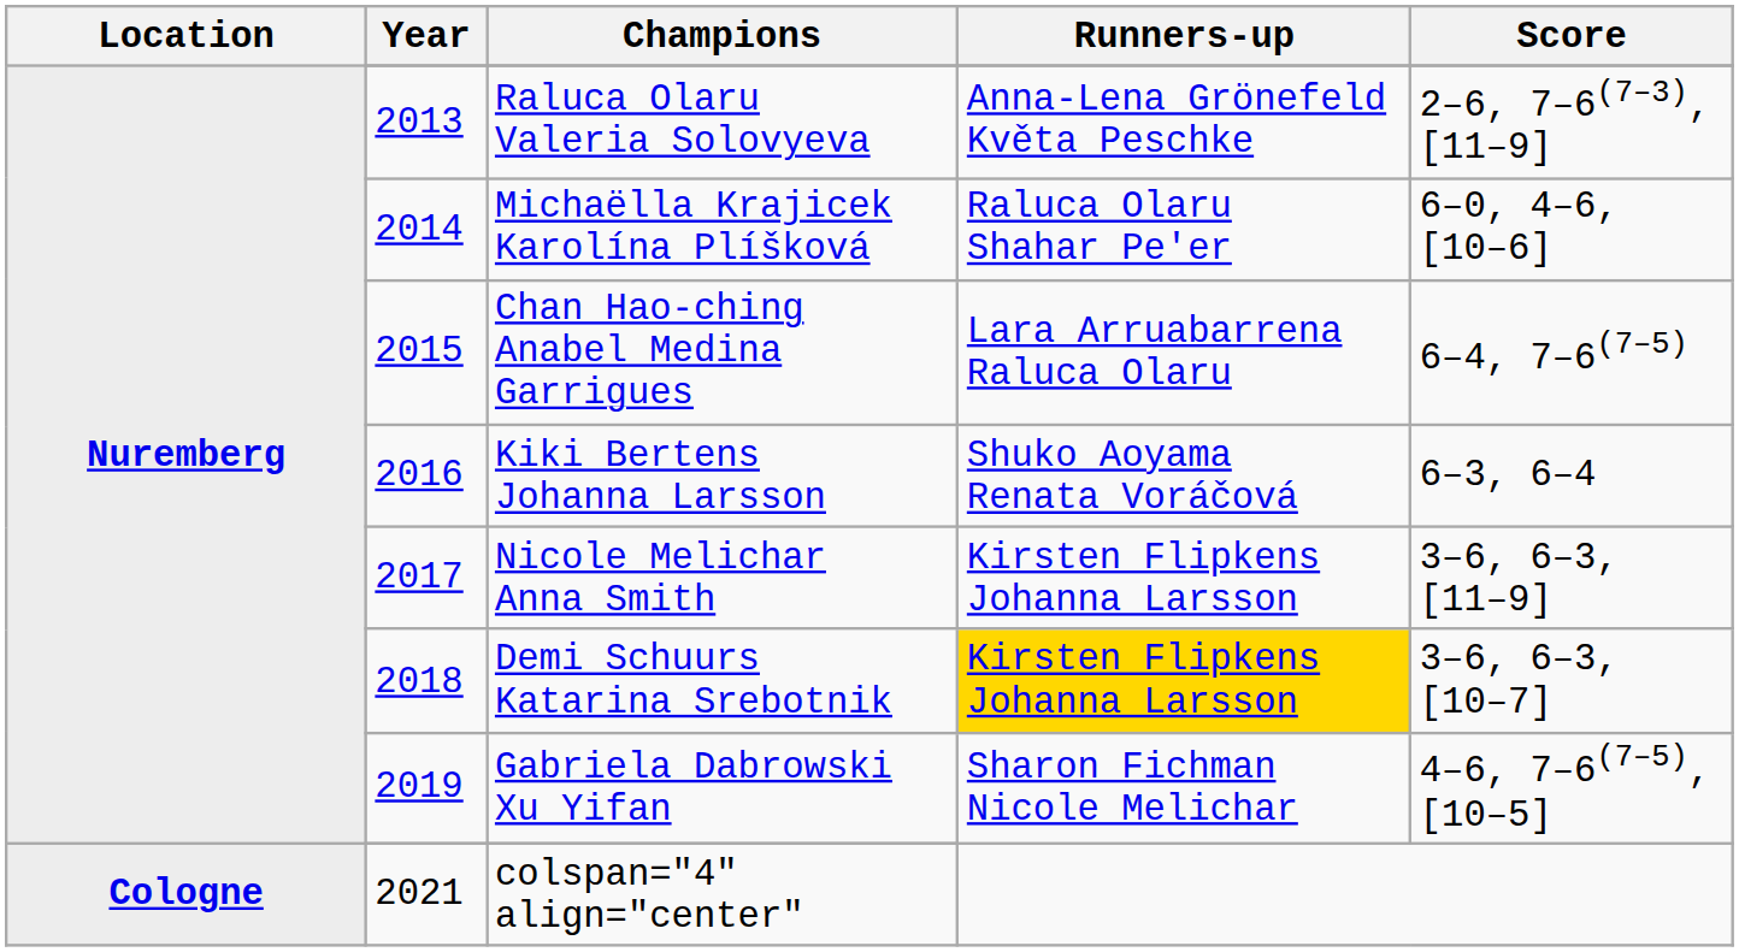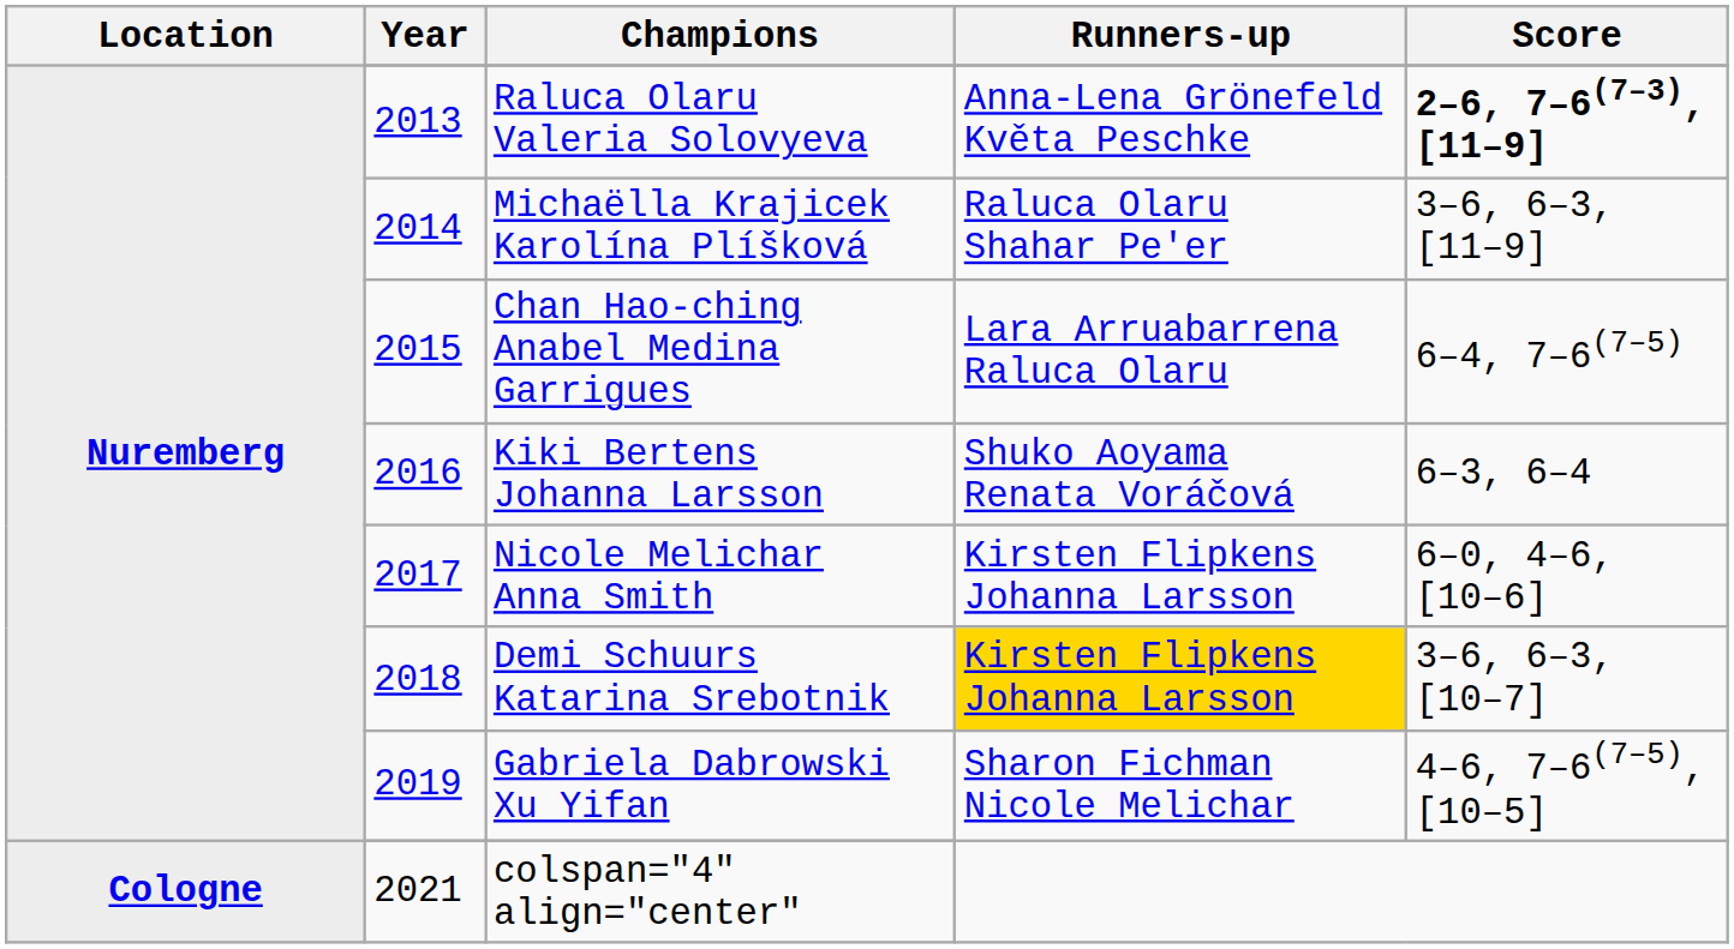 <table class="wikitable">
 <tr>
 <th style="width:160px">Location</th>
 <th style="width:40px">Year</th>
 <th style="width:200px">Champions</th>
 <th style="width:200px">Runners-up</th>
 <th style="width:160px" class="unsortable">Score</th>
 </tr>
 <tr>
 <th rowspan="8" style="background:#ededed"><a href='#'>Nuremberg</a></th>
 </tr>
 <tr>
 <td><a href='#'>2013</a></td>
 <td> <a href='#'>Raluca Olaru</a> <br>  <a href='#'>Valeria Solovyeva</a></td>
 <td> <a href='#'>Anna-Lena Grönefeld</a> <br>  <a href='#'>Květa Peschke</a></td>
-<td>2–6, 7–6<sup>(7–3)</sup>, [11–9]</td>
+<td><strong>2–6, 7–6<sup>(7–3)</sup>, [11–9]</strong></td>
 </tr>
 <tr>
 <td><a href='#'>2014</a></td>
 <td> <a href='#'>Michaëlla Krajicek</a><br> <a href='#'>Karolína Plíšková</a></td>
 <td> <a href='#'>Raluca Olaru</a><br> <a href='#'>Shahar Pe'er</a></td>
-<td>6–0, 4–6, [10–6]</td>
+<td>3–6, 6–3, [11–9]</td>
 </tr>
 <tr>
 <td><a href='#'>2015</a></td>
 <td> <a href='#'>Chan Hao-ching</a><br> <a href='#'>Anabel Medina Garrigues</a></td>
 <td> <a href='#'>Lara Arruabarrena</a><br> <a href='#'>Raluca Olaru</a></td>
 <td>6–4, 7–6<sup>(7–5)</sup></td>
 </tr>
 <tr>
 <td><a href='#'>2016</a></td>
 <td> <a href='#'>Kiki Bertens</a><br> <a href='#'>Johanna Larsson</a></td>
 <td> <a href='#'>Shuko Aoyama</a><br> <a href='#'>Renata Voráčová</a></td>
 <td>6–3, 6–4</td>
 </tr>
 <tr>
 <td><a href='#'>2017</a></td>
 <td> <a href='#'>Nicole Melichar</a><br> <a href='#'>Anna Smith</a></td>
 <td> <a href='#'>Kirsten Flipkens</a><br> <a href='#'>Johanna Larsson</a></td>
-<td>3–6, 6–3, [11–9]</td>
+<td>6–0, 4–6, [10–6]</td>
 </tr>
 <tr>
 <td><a href='#'>2018</a></td>
 <td> <a href='#'>Demi Schuurs</a><br> <a href='#'>Katarina Srebotnik</a></td>
 <td style="background: gold;"> <a href='#'>Kirsten Flipkens</a><br> <a href='#'>Johanna Larsson</a></td>
 <td>3–6, 6–3, [10–7]</td>
 </tr>
 <tr>
 <td><a href='#'>2019</a></td>
 <td> <a href='#'>Gabriela Dabrowski</a><br> <a href='#'>Xu Yifan</a></td>
 <td> <a href='#'>Sharon Fichman</a><br> <a href='#'>Nicole Melichar</a></td>
 <td>4–6, 7–6<sup>(7–5)</sup>, [10–5]</td>
 </tr>
 <tr>
 <th rowspan="3" style="background:#ededed"><a href='#'>Cologne</a></th>
 </tr>
 <tr>
 <td>2021</td>
 <td>colspan="4" align="center" </td>
 </tr>
 </table>
